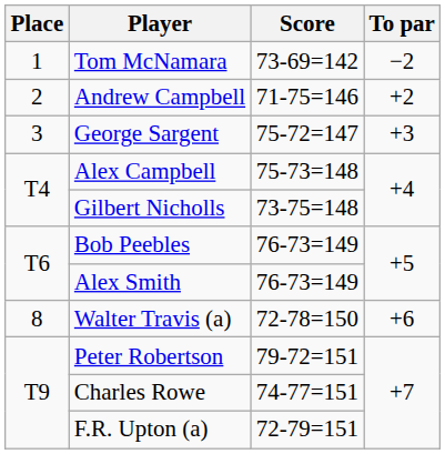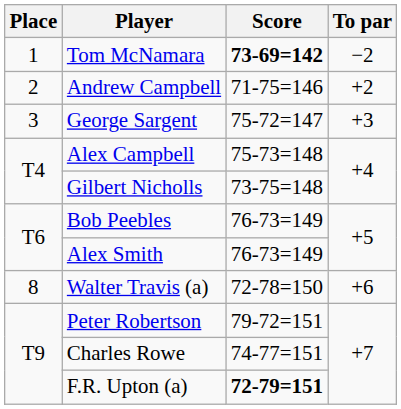 <table class=wikitable>
 <tr>
 <th>Place</th>
 <th>Player</th>
 <th>Score</th>
 <th>To par</th>
 </tr>
 <tr>
 <td align=center>1</td>
 <td> <a href='#'>Tom McNamara</a></td>
-<td>73-69=142</td>
+<td><strong>73-69=142</strong></td>
 <td align=center>−2</td>
 </tr>
 <tr>
 <td align=center>2</td>
 <td> <a href='#'>Andrew Campbell</a></td>
 <td>71-75=146</td>
 <td align=center>+2</td>
 </tr>
 <tr>
 <td align=center>3</td>
 <td> <a href='#'>George Sargent</a></td>
 <td>75-72=147</td>
 <td align=center>+3</td>
 </tr>
 <tr>
 <td rowspan=2 align=center>T4</td>
 <td> <a href='#'>Alex Campbell</a></td>
 <td>75-73=148</td>
 <td rowspan=2 align=center>+4</td>
 </tr>
 <tr>
 <td> <a href='#'>Gilbert Nicholls</a></td>
 <td>73-75=148</td>
 </tr>
 <tr>
 <td rowspan=2 align=center>T6</td>
 <td> <a href='#'>Bob Peebles</a></td>
 <td>76-73=149</td>
 <td rowspan=2 align=center>+5<br> </td>
 </tr>
 <tr>
 <td> <a href='#'>Alex Smith</a></td>
 <td>76-73=149</td>
 </tr>
 <tr>
 <td align=center>8</td>
 <td> <a href='#'>Walter Travis</a> (a)</td>
 <td>72-78=150</td>
 <td align=center>+6</td>
 </tr>
 <tr>
 <td rowspan=3 align=center>T9</td>
 <td> <a href='#'>Peter Robertson</a></td>
 <td>79-72=151</td>
 <td rowspan=3 align=center>+7</td>
 </tr>
 <tr>
 <td>Charles Rowe</td>
 <td>74-77=151</td>
 </tr>
 <tr>
 <td>F.R. Upton (a)</td>
-<td>72-79=151</td>
+<td><strong>72-79=151</strong></td>
 </tr>
 </table>
